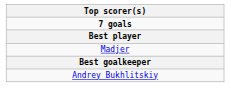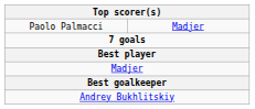 <table class="wikitable" style="margin: 1em auto 1em auto;">
 <tr>
 <th width=350 colspan=2>Top scorer(s)</th>
+</tr>
+<tr align=center style="background:">
+<td style="text-align:center;" width=175> Paolo Palmacci</td>
+<td style="text-align:center;" width=175> <a href='#'>Madjer</a></td>
 </tr>
 <tr>
 <td style="text-align:center;" colspan=2><strong>7 goals</strong></td>
 </tr>
 <tr>
 <th colspan=2>Best player</th>
 </tr>
 <tr>
 <td style="text-align:center;" colspan=2> <a href='#'>Madjer</a></td>
 </tr>
 <tr>
 <th colspan=2>Best goalkeeper</th>
 </tr>
 <tr>
 <td style="text-align:center;" colspan=2> <a href='#'>Andrey Bukhlitskiy</a></td>
 </tr>
 </table>
